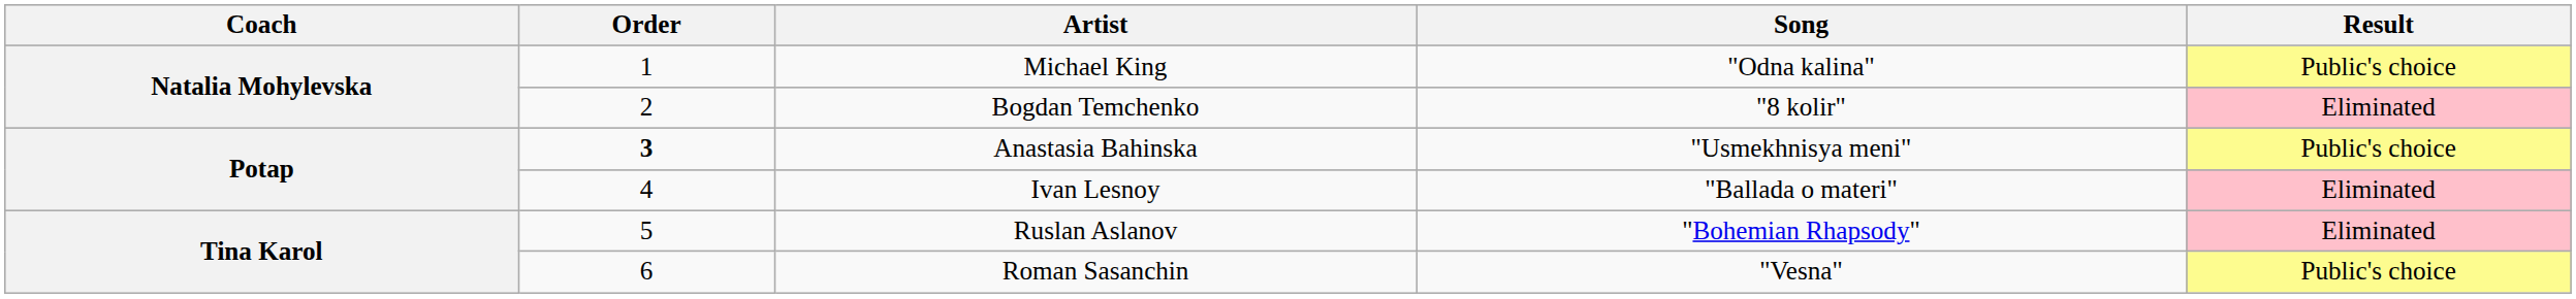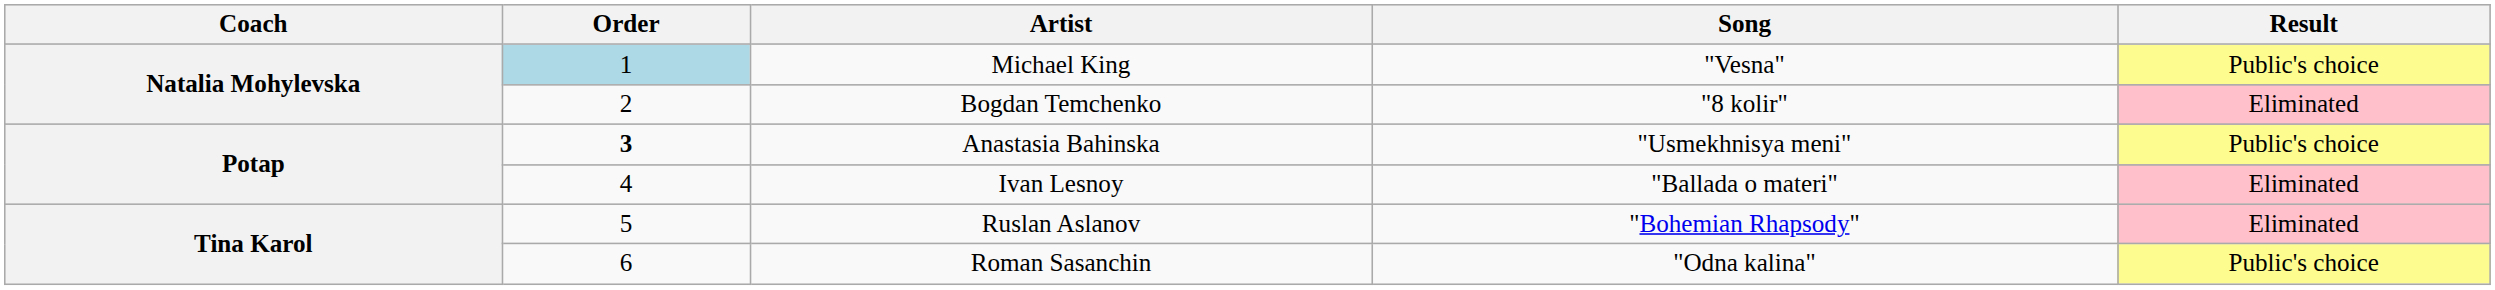 <table class="wikitable" style="text-align:center; width:100%;">
 <tr>
 <th style="width:20%;">Coach</th>
 <th style="width:10%;">Order</th>
 <th style="width:25%;">Artist</th>
 <th style="width:30%;">Song</th>
 <th style="width:25%;">Result</th>
 </tr>
 <tr>
 <th rowspan="2" scope="row">Natalia Mohylevska</th>
-<td>1</td>
+<td style="background: lightblue;">1</td>
 <td>Michael King</td>
-<td>"Odna kalina"</td>
+<td>"Vesna"</td>
 <td style="background:#fdfc8f;">Public's сhoice</td>
 </tr>
 <tr>
 <td>2</td>
 <td>Bogdan Temchenko</td>
 <td>"8 kolir"</td>
 <td style="background:pink;">Eliminated</td>
 </tr>
 <tr>
 <th rowspan="2" scope="row">Potap</th>
 <td><strong>3</strong></td>
 <td>Anastasia Bahinska</td>
 <td>"Usmekhnisya meni"</td>
 <td style="background:#fdfc8f;">Public's сhoice</td>
 </tr>
 <tr>
 <td>4</td>
 <td>Ivan Lesnoy</td>
 <td>"Ballada o materi"</td>
 <td style="background:pink;">Eliminated</td>
 </tr>
 <tr>
 <th rowspan="2" scope="row">Tina Karol</th>
 <td>5</td>
 <td>Ruslan Aslanov</td>
 <td>"<a href='#'>Bohemian Rhapsody</a>"</td>
 <td style="background:pink;">Eliminated</td>
 </tr>
 <tr>
 <td>6</td>
 <td>Roman Sasanchin</td>
-<td>"Vesna"</td>
+<td>"Odna kalina"</td>
 <td style="background:#fdfc8f;">Public's сhoice</td>
 </tr>
 </table>
